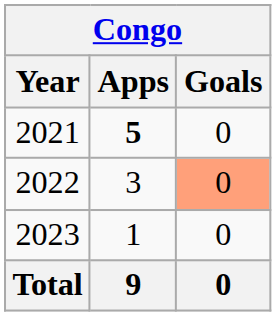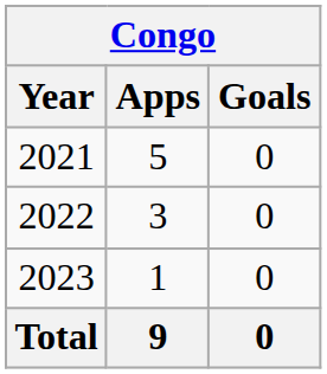 <table class="wikitable" style="text-align: center;">
 <tr>
 <th colspan="3"><a href='#'>Congo</a></th>
 </tr>
 <tr>
 <th>Year</th>
 <th>Apps</th>
 <th>Goals</th>
 </tr>
 <tr>
 <td>2021</td>
-<td><strong>5</strong></td>
+<td>5</td>
 <td>0</td>
 </tr>
 <tr>
 <td>2022</td>
 <td>3</td>
-<td style="background: lightsalmon;">0</td>
+<td>0</td>
 </tr>
 <tr>
 <td>2023</td>
 <td>1</td>
 <td>0</td>
 </tr>
 <tr>
 <th>Total</th>
 <th>9</th>
 <th>0</th>
 </tr>
 </table>
